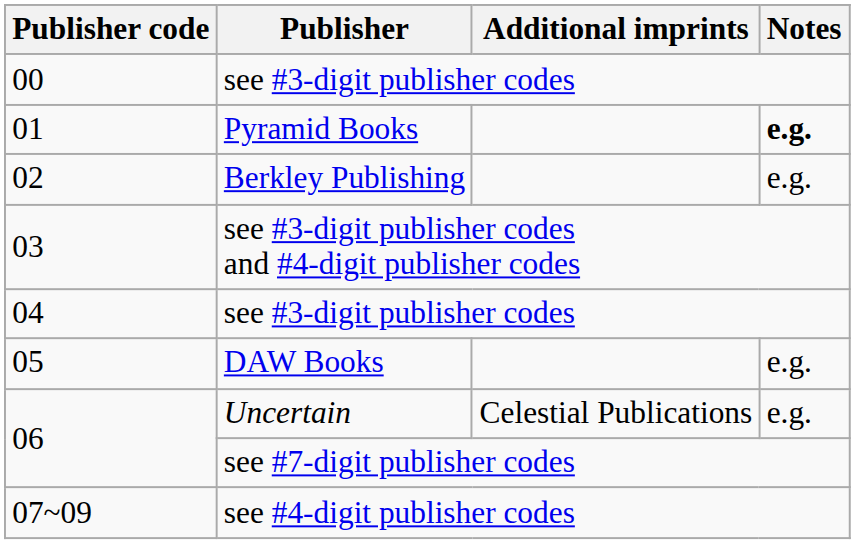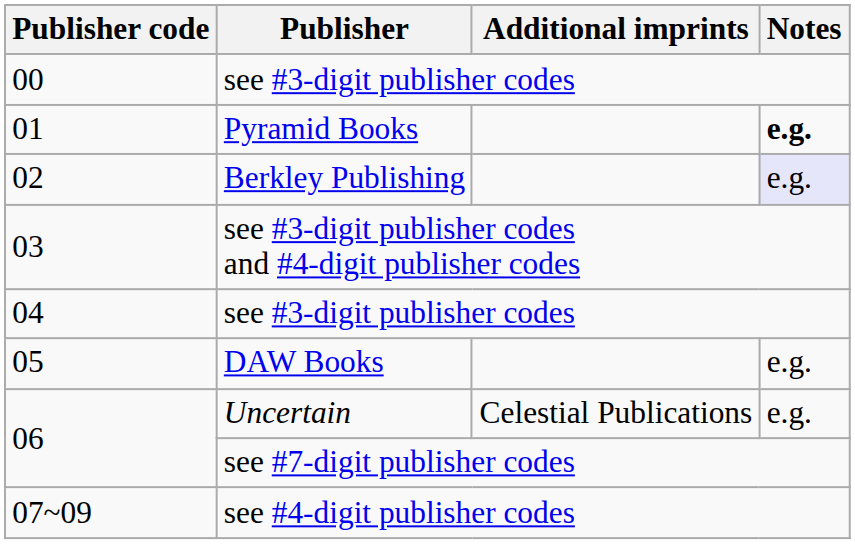 <table class="wikitable">
 <tr>
 <th>Publisher code</th>
 <th>Publisher</th>
 <th>Additional imprints</th>
 <th>Notes</th>
 </tr>
 <tr>
 <td>00</td>
 <td colspan=3>see <a href='#'>#3-digit publisher codes</a></td>
 </tr>
 <tr>
 <td>01</td>
 <td><a href='#'>Pyramid Books</a></td>
 <td></td>
 <td><strong>e.g. </strong></td>
 </tr>
 <tr>
 <td>02</td>
 <td><a href='#'>Berkley Publishing</a></td>
 <td></td>
-<td>e.g. </td>
+<td style="background: lavender;">e.g. </td>
 </tr>
 <tr>
 <td>03</td>
 <td colspan=3>see <a href='#'>#3-digit publisher codes</a><br> and <a href='#'>#4-digit publisher codes</a></td>
 </tr>
 <tr>
 <td>04</td>
 <td colspan=3>see <a href='#'>#3-digit publisher codes</a></td>
 </tr>
 <tr>
 <td>05</td>
 <td><a href='#'>DAW Books</a></td>
 <td></td>
 <td>e.g. </td>
 </tr>
 <tr>
 <td rowspan=2>06</td>
 <td><em>Uncertain</em> </td>
 <td>Celestial Publications</td>
 <td>e.g. </td>
 </tr>
 <tr>
 <td colspan=3>see <a href='#'>#7-digit publisher codes</a></td>
 </tr>
 <tr>
 <td>07~09</td>
 <td colspan=3>see <a href='#'>#4-digit publisher codes</a></td>
 </tr>
 </table>
